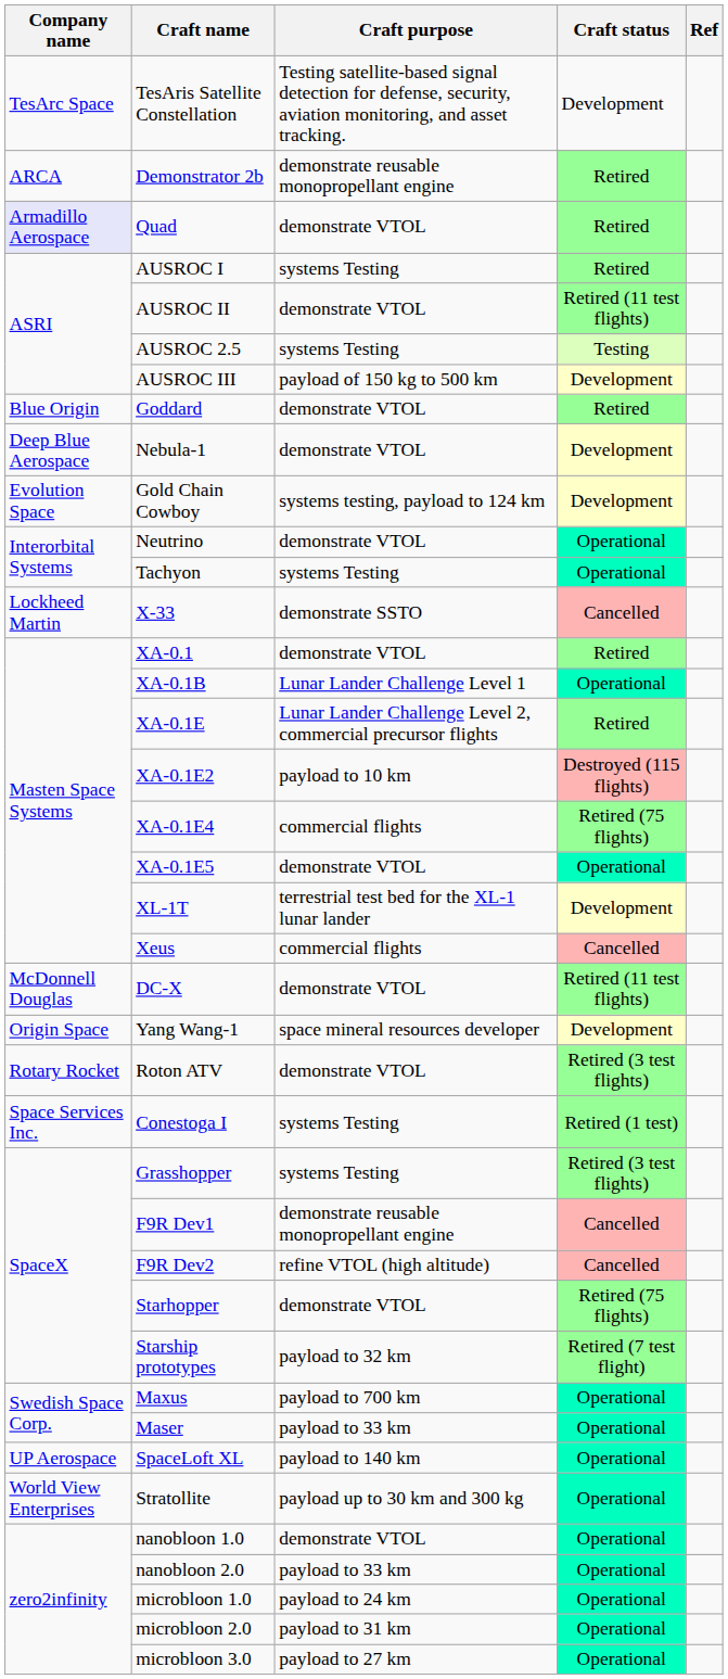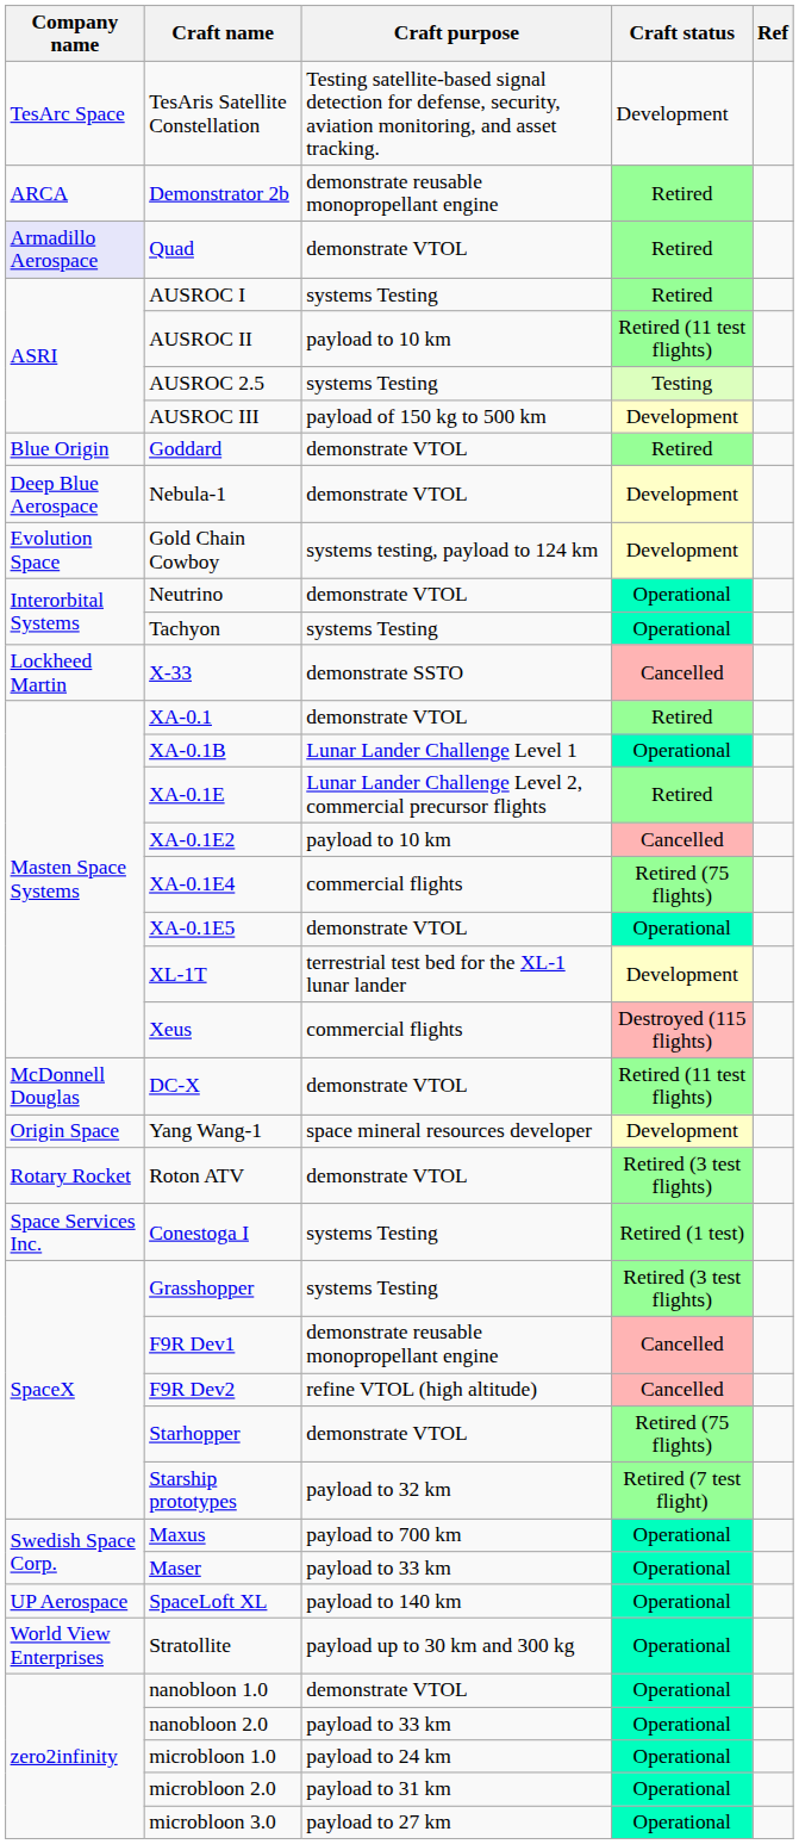 <table class="wikitable sortable">
 <tr>
 <th>Company name</th>
 <th>Craft name</th>
 <th>Craft purpose</th>
 <th>Craft status</th>
 <th>Ref</th>
 </tr>
 <tr>
 <td><a href='#'>TesArc Space</a></td>
 <td>TesAris Satellite Constellation</td>
 <td>Testing satellite-based signal detection for defense, security, aviation monitoring, and asset tracking.</td>
 <td style=“text-align: center; background: rgb(255,255,200)”>Development</td>
 <td></td>
 </tr>
 <tr>
 <td><a href='#'>ARCA</a></td>
 <td><a href='#'>Demonstrator 2b</a></td>
 <td>demonstrate reusable monopropellant engine</td>
 <td style="text-align: center; background: rgb(150,255,150)">Retired</td>
 <td></td>
 </tr>
 <tr>
 <td style="background: lavender;"><a href='#'>Armadillo Aerospace</a></td>
 <td><a href='#'>Quad</a></td>
 <td>demonstrate VTOL</td>
 <td style="text-align: center; background: rgb(150,255,150)">Retired</td>
 <td></td>
 </tr>
 <tr>
 <td rowspan="4"><a href='#'>ASRI</a></td>
 <td>AUSROC I</td>
 <td>systems Testing</td>
 <td style="text-align: center; background: rgb(150,255,150)">Retired</td>
 <td></td>
 </tr>
 <tr>
 <td>AUSROC II</td>
-<td>demonstrate VTOL</td>
+<td>payload to 10 km</td>
 <td style="text-align: center; background: rgb(150,255,150)">Retired (11 test flights)</td>
 <td></td>
 </tr>
 <tr>
 <td>AUSROC 2.5</td>
 <td>systems Testing</td>
 <td style="text-align: center; background: rgb(220,255,190)">Testing</td>
 <td></td>
 </tr>
 <tr>
 <td>AUSROC III</td>
 <td>payload of 150 kg to 500 km</td>
 <td style="text-align: center; background: rgb(255,255,200)">Development</td>
 <td></td>
 </tr>
 <tr>
 <td><a href='#'>Blue Origin</a></td>
 <td><a href='#'>Goddard</a></td>
 <td>demonstrate VTOL</td>
 <td style="text-align: center; background: rgb(150,255,150)">Retired</td>
 <td></td>
 </tr>
 <tr>
 <td><a href='#'>Deep Blue Aerospace</a></td>
 <td>Nebula-1</td>
 <td>demonstrate VTOL</td>
 <td style="text-align: center; background: rgb(255,255,200)">Development</td>
 <td></td>
 </tr>
 <tr>
 <td><a href='#'>Evolution Space</a></td>
 <td>Gold Chain Cowboy</td>
 <td>systems testing, payload to 124 km</td>
 <td style="text-align: center; background: rgb(255,255,200)">Development</td>
 <td></td>
 </tr>
 <tr>
 <td rowspan="2"><a href='#'>Interorbital Systems</a></td>
 <td>Neutrino</td>
 <td>demonstrate VTOL</td>
 <td style="text-align: center; background: rgb(0,255,190)">Operational</td>
 <td></td>
 </tr>
 <tr>
 <td>Tachyon</td>
 <td>systems Testing</td>
 <td style="text-align: center; background: rgb(0,255,190)">Operational</td>
 <td></td>
 </tr>
 <tr>
 <td><a href='#'>Lockheed Martin</a></td>
 <td><a href='#'>X-33</a></td>
 <td>demonstrate SSTO</td>
 <td style="text-align: center; background: rgb(255,180,180)">Cancelled</td>
 <td></td>
 </tr>
 <tr>
 <td rowspan="8"><a href='#'>Masten Space Systems</a></td>
 <td><a href='#'>XA-0.1</a></td>
 <td>demonstrate VTOL</td>
 <td style="text-align: center; background: rgb(150,255,150)">Retired</td>
 <td></td>
 </tr>
 <tr>
 <td><a href='#'>XA-0.1B</a></td>
 <td><a href='#'>Lunar Lander Challenge</a> Level 1</td>
 <td style="text-align: center; background: rgb(0,255,190)">Operational</td>
 <td></td>
 </tr>
 <tr>
 <td><a href='#'>XA-0.1E</a></td>
 <td><a href='#'>Lunar Lander Challenge</a> Level 2, commercial precursor flights</td>
 <td style="text-align: center; background: rgb(150,255,150)">Retired</td>
 <td></td>
 </tr>
 <tr>
 <td><a href='#'>XA-0.1E2</a></td>
 <td>payload to 10 km</td>
-<td style="text-align: center; background: rgb(255,180,180)">Destroyed (115 flights)</td>
+<td style="text-align: center; background: rgb(255,180,180)">Cancelled</td>
 <td></td>
 </tr>
 <tr>
 <td><a href='#'>XA-0.1E4</a></td>
 <td>commercial flights</td>
 <td style="text-align: center; background: rgb(150,255,150)">Retired (75 flights)</td>
 <td></td>
 </tr>
 <tr>
 <td><a href='#'>XA-0.1E5</a></td>
 <td>demonstrate VTOL</td>
 <td style="text-align: center; background: rgb(0,255,190)">Operational</td>
 <td></td>
 </tr>
 <tr>
 <td><a href='#'>XL-1T</a></td>
 <td>terrestrial test bed for the <a href='#'>XL-1</a> lunar lander</td>
 <td style="text-align: center; background: rgb(255,255,200)">Development</td>
 <td></td>
 </tr>
 <tr>
 <td><a href='#'>Xeus</a></td>
 <td>commercial flights</td>
-<td style="text-align: center; background: rgb(255,180,180)">Cancelled</td>
+<td style="text-align: center; background: rgb(255,180,180)">Destroyed (115 flights)</td>
 <td></td>
 </tr>
 <tr>
 <td><a href='#'>McDonnell Douglas</a></td>
 <td><a href='#'>DC-X</a></td>
 <td>demonstrate VTOL</td>
 <td style="text-align: center; background: rgb(150,255,150)">Retired (11 test flights)</td>
 <td></td>
 </tr>
 <tr>
 <td><a href='#'>Origin Space</a></td>
 <td>Yang Wang-1</td>
 <td>space mineral resources developer</td>
 <td style="text-align: center; background: rgb(255,255,200)">Development</td>
 <td></td>
 </tr>
 <tr>
 <td><a href='#'>Rotary Rocket</a></td>
 <td>Roton ATV</td>
 <td>demonstrate VTOL</td>
 <td style="text-align: center; background: rgb(150,255,150)">Retired (3 test flights)</td>
 <td></td>
 </tr>
 <tr>
 <td><a href='#'>Space Services Inc.</a></td>
 <td><a href='#'>Conestoga I</a></td>
 <td>systems Testing</td>
 <td style="text-align: center; background: rgb(150,255,150)">Retired (1 test)</td>
 <td></td>
 </tr>
 <tr>
 <td rowspan="5"><a href='#'>SpaceX</a></td>
 <td><a href='#'>Grasshopper</a></td>
 <td>systems Testing</td>
 <td style="text-align: center; background: rgb(150,255,150)">Retired (3 test flights)</td>
 <td></td>
 </tr>
 <tr>
 <td><a href='#'>F9R Dev1</a></td>
 <td>demonstrate reusable monopropellant engine</td>
 <td style="text-align: center; background: rgb(255,180,180)">Cancelled</td>
 <td></td>
 </tr>
 <tr>
 <td><a href='#'>F9R Dev2</a></td>
 <td>refine VTOL (high altitude)</td>
 <td style="text-align: center; background: rgb(255,180,180)">Cancelled</td>
 <td></td>
 </tr>
 <tr>
 <td><a href='#'>Starhopper</a></td>
 <td>demonstrate VTOL</td>
 <td style="text-align: center; background: rgb(150,255,150)">Retired (75 flights)</td>
 <td></td>
 </tr>
 <tr>
 <td><a href='#'>Starship prototypes</a></td>
 <td>payload to 32 km</td>
 <td style="text-align: center; background: rgb(150,255,150)">Retired (7 test flight)</td>
 <td></td>
 </tr>
 <tr>
 <td rowspan="2"><a href='#'>Swedish Space Corp.</a></td>
 <td><a href='#'>Maxus</a></td>
 <td>payload to 700 km</td>
 <td style="text-align: center; background: rgb(0,255,190)">Operational</td>
 <td></td>
 </tr>
 <tr>
 <td><a href='#'>Maser</a></td>
 <td>payload to 33 km</td>
 <td style="text-align: center; background: rgb(0,255,190)">Operational</td>
 <td></td>
 </tr>
 <tr>
 <td><a href='#'>UP Aerospace</a></td>
 <td><a href='#'>SpaceLoft XL</a></td>
 <td>payload to 140 km</td>
 <td style="text-align: center; background: rgb(0,255,190)">Operational</td>
 <td></td>
 </tr>
 <tr>
 <td><a href='#'>World View Enterprises</a></td>
 <td>Stratollite</td>
 <td>payload up to 30 km and 300 kg</td>
 <td style="text-align: center; background: rgb(0,255,190)">Operational</td>
 <td></td>
 </tr>
 <tr>
 <td rowspan="5"><a href='#'>zero2infinity</a></td>
 <td>nanobloon 1.0</td>
 <td>demonstrate VTOL</td>
 <td style="text-align: center; background: rgb(0,255,190)">Operational</td>
 <td></td>
 </tr>
 <tr>
 <td>nanobloon 2.0</td>
 <td>payload to 33 km</td>
 <td style="text-align: center; background: rgb(0,255,190)">Operational</td>
 <td></td>
 </tr>
 <tr>
 <td>microbloon 1.0</td>
 <td>payload to 24 km</td>
 <td style="text-align: center; background: rgb(0,255,190)">Operational</td>
 <td></td>
 </tr>
 <tr>
 <td>microbloon 2.0</td>
 <td>payload to 31 km</td>
 <td style="text-align: center; background: rgb(0,255,190)">Operational</td>
 <td></td>
 </tr>
 <tr>
 <td>microbloon 3.0</td>
 <td>payload to 27 km</td>
 <td style="text-align: center; background: rgb(0,255,190)">Operational</td>
 <td></td>
 </tr>
 </table>
